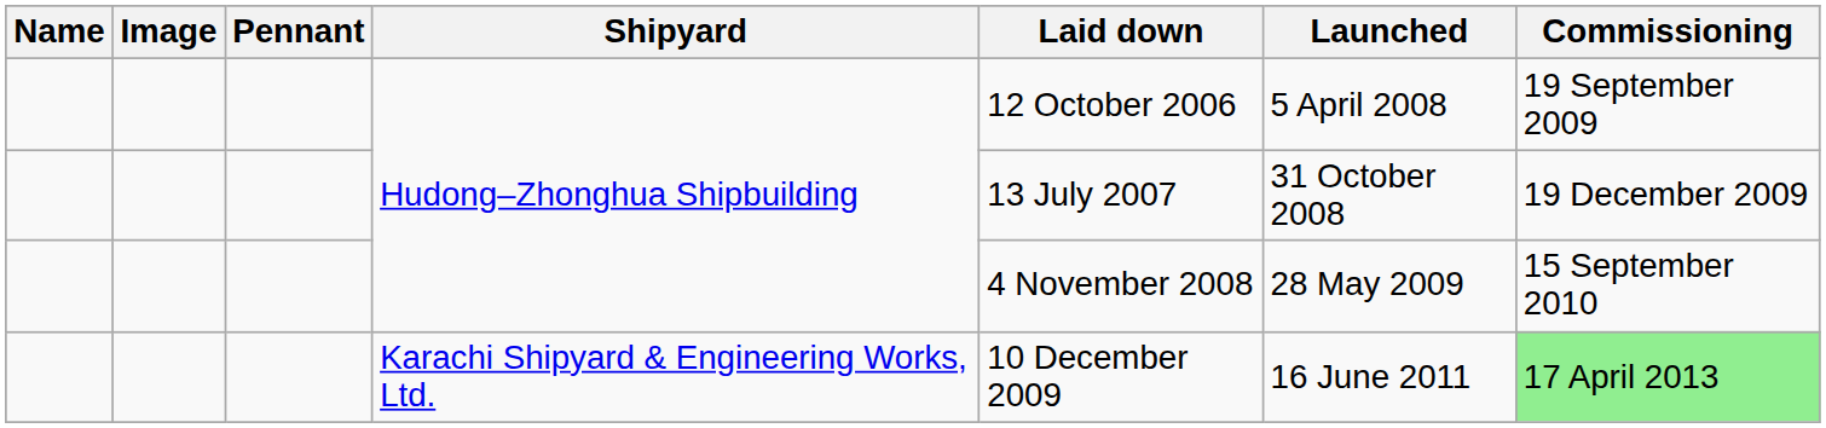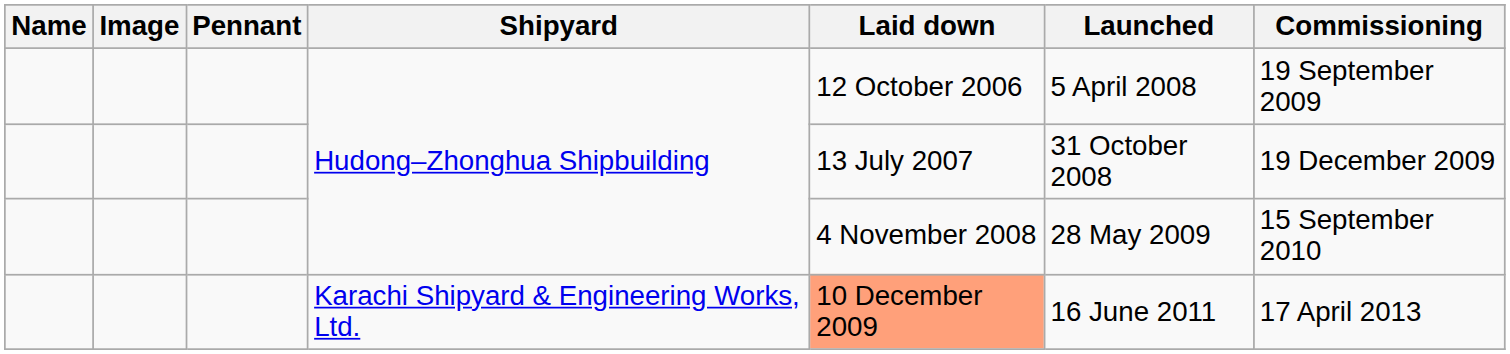 <table class="wikitable">
 <tr>
 <th>Name</th>
 <th>Image</th>
 <th>Pennant</th>
 <th>Shipyard</th>
 <th>Laid down</th>
 <th>Launched</th>
 <th>Commissioning</th>
 </tr>
 <tr>
 <td></td>
 <td></td>
 <td></td>
 <td rowspan="3"><a href='#'>Hudong–Zhonghua Shipbuilding</a></td>
 <td>12 October 2006</td>
 <td>5 April 2008</td>
 <td>19 September 2009</td>
 </tr>
 <tr>
 <td></td>
 <td></td>
 <td></td>
 <td>13 July 2007</td>
 <td>31 October 2008</td>
 <td>19 December 2009</td>
 </tr>
 <tr>
 <td></td>
 <td></td>
 <td></td>
 <td>4 November 2008</td>
 <td>28 May 2009</td>
 <td>15 September 2010</td>
 </tr>
 <tr>
 <td></td>
 <td></td>
 <td></td>
 <td rowspan="1"><a href='#'>Karachi Shipyard & Engineering Works, Ltd.</a></td>
-<td>10 December 2009</td>
+<td style="background: lightsalmon;">10 December 2009</td>
 <td>16 June 2011</td>
-<td style="background: lightgreen;">17 April 2013</td>
+<td>17 April 2013</td>
 </tr>
 </table>
